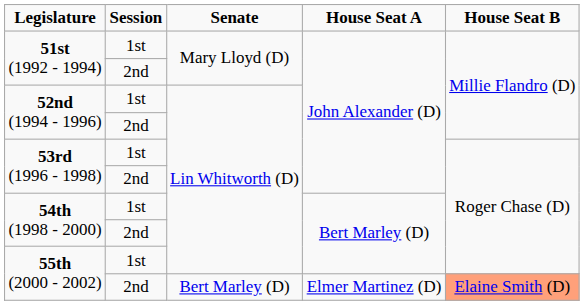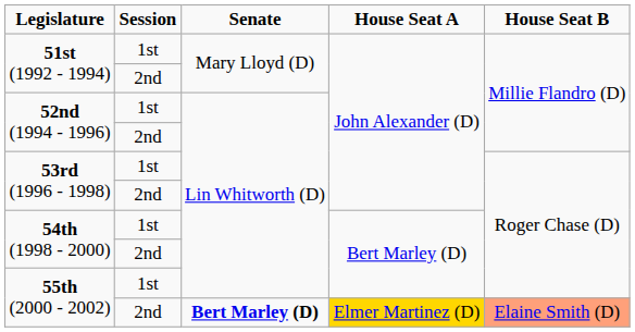 <table class=wikitable style="text-align:center">
 <tr>
 <td><strong>Legislature</strong></td>
 <td><strong>Session</strong></td>
 <td><strong>Senate</strong></td>
 <td><strong>House Seat A</strong></td>
 <td><strong>House Seat B</strong></td>
 </tr>
 <tr>
 <td rowspan="2" colspan="1" style="text-align: center;"><strong>51st</strong> <br> (1992 - 1994)</td>
 <td>1st</td>
 <td rowspan="2" colspan="1" style="text-align: center;" >Mary Lloyd (D)</td>
 <td rowspan="6" colspan="1" style="text-align: center;" ><a href='#'>John Alexander</a> (D)</td>
 <td rowspan="4" colspan="1" style="text-align: center;" ><a href='#'>Millie Flandro</a> (D)</td>
 </tr>
 <tr>
 <td>2nd</td>
 </tr>
 <tr>
 <td rowspan="2" colspan="1" style="text-align: center;"><strong>52nd</strong> <br> (1994 - 1996)</td>
 <td>1st</td>
 <td rowspan="7" colspan="1" style="text-align: center;" ><a href='#'>Lin Whitworth</a> (D)</td>
 </tr>
 <tr>
 <td>2nd</td>
 </tr>
 <tr>
 <td rowspan="2" colspan="1" style="text-align: center;"><strong>53rd</strong> <br> (1996 - 1998)</td>
 <td>1st</td>
 <td rowspan="5" colspan="1" style="text-align: center;" >Roger Chase (D)</td>
 </tr>
 <tr>
 <td>2nd</td>
 </tr>
 <tr>
 <td rowspan="2" colspan="1" style="text-align: center;"><strong>54th</strong> <br> (1998 - 2000)</td>
 <td>1st</td>
 <td rowspan="3" colspan="1" style="text-align: center;" ><a href='#'>Bert Marley</a> (D)</td>
 </tr>
 <tr>
 <td>2nd</td>
 </tr>
 <tr>
 <td rowspan="2" colspan="1" style="text-align: center;"><strong>55th</strong> <br> (2000 - 2002)</td>
 <td>1st</td>
 </tr>
 <tr>
 <td>2nd</td>
-<td rowspan="1" colspan="1" style="text-align: center;" ><a href='#'>Bert Marley</a> (D)</td>
-<td rowspan="1" colspan="1" style="text-align: center;" ><a href='#'>Elmer Martinez</a> (D)</td>
+<td rowspan="1" colspan="1" style="text-align: center;" ><strong><a href='#'>Bert Marley</a> (D)</strong></td>
+<td rowspan="1" colspan="1" style="background: gold; text-align: center;" ><a href='#'>Elmer Martinez</a> (D)</td>
 <td rowspan="1" colspan="1" style="background: lightsalmon; text-align: center;" ><a href='#'>Elaine Smith</a> (D)</td>
 </tr>
 </table>
